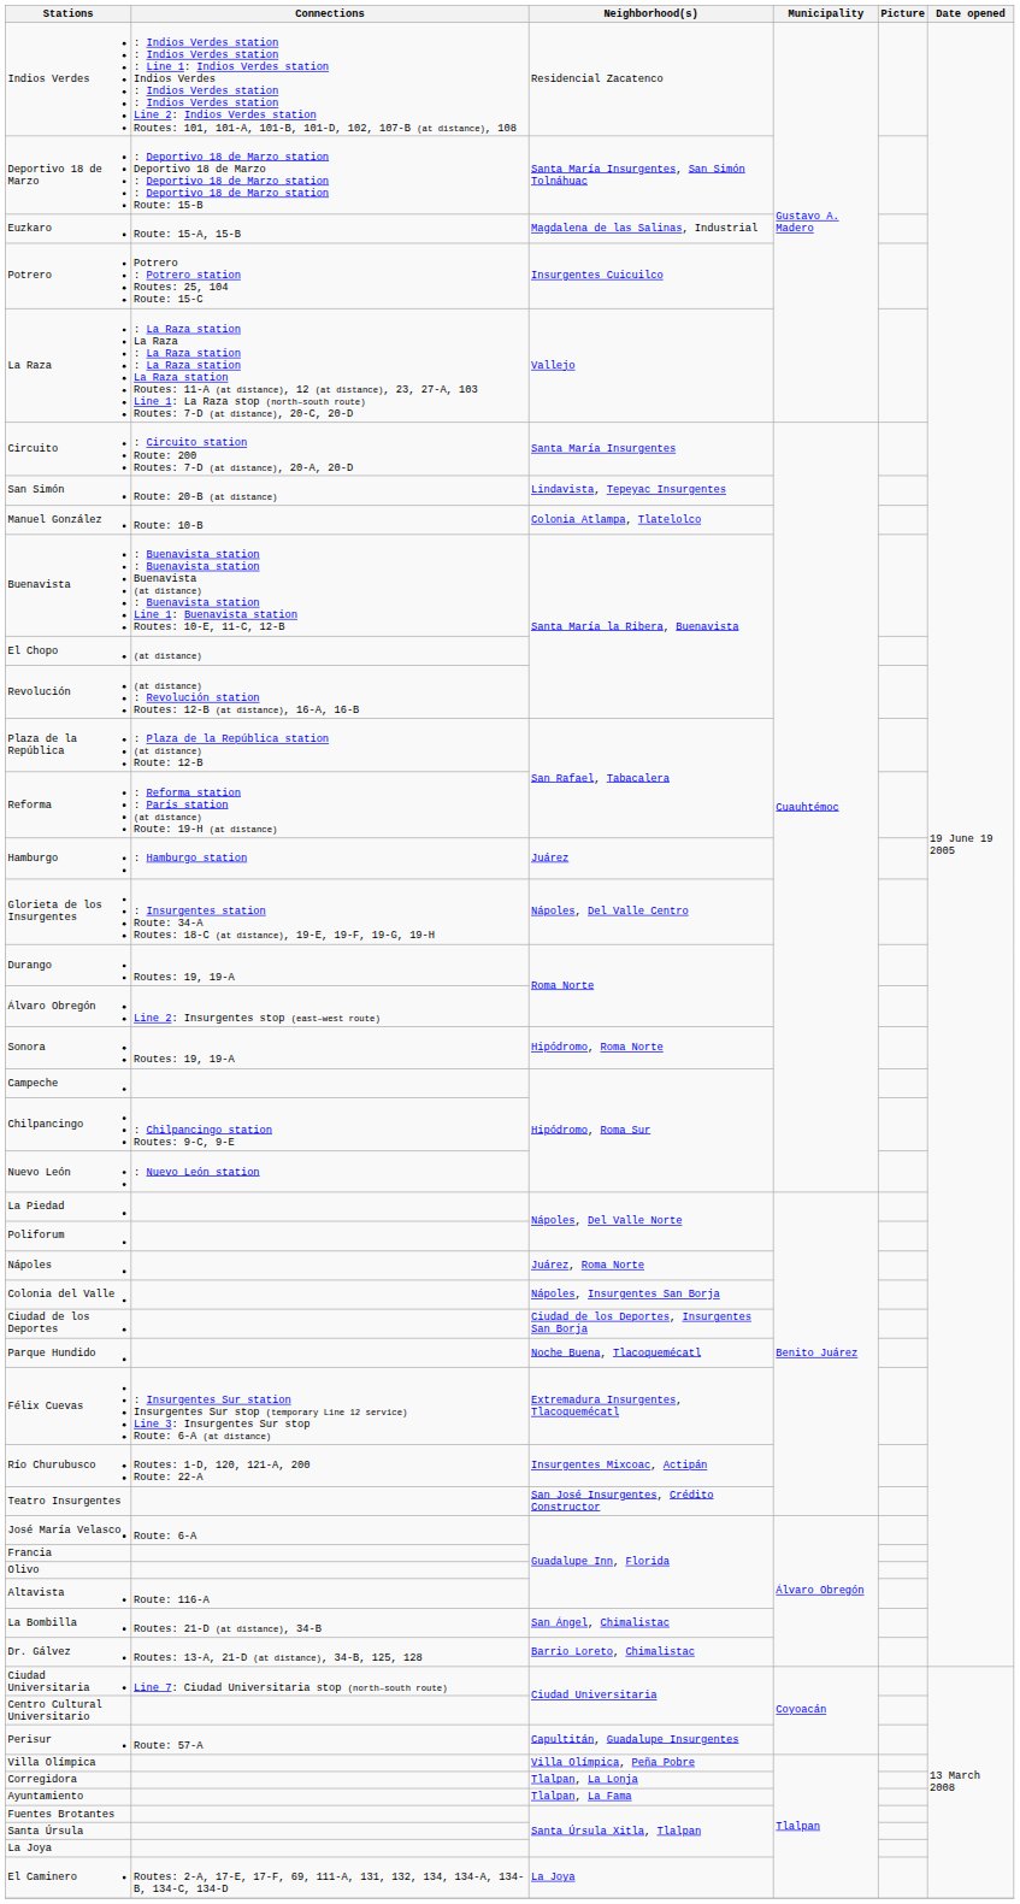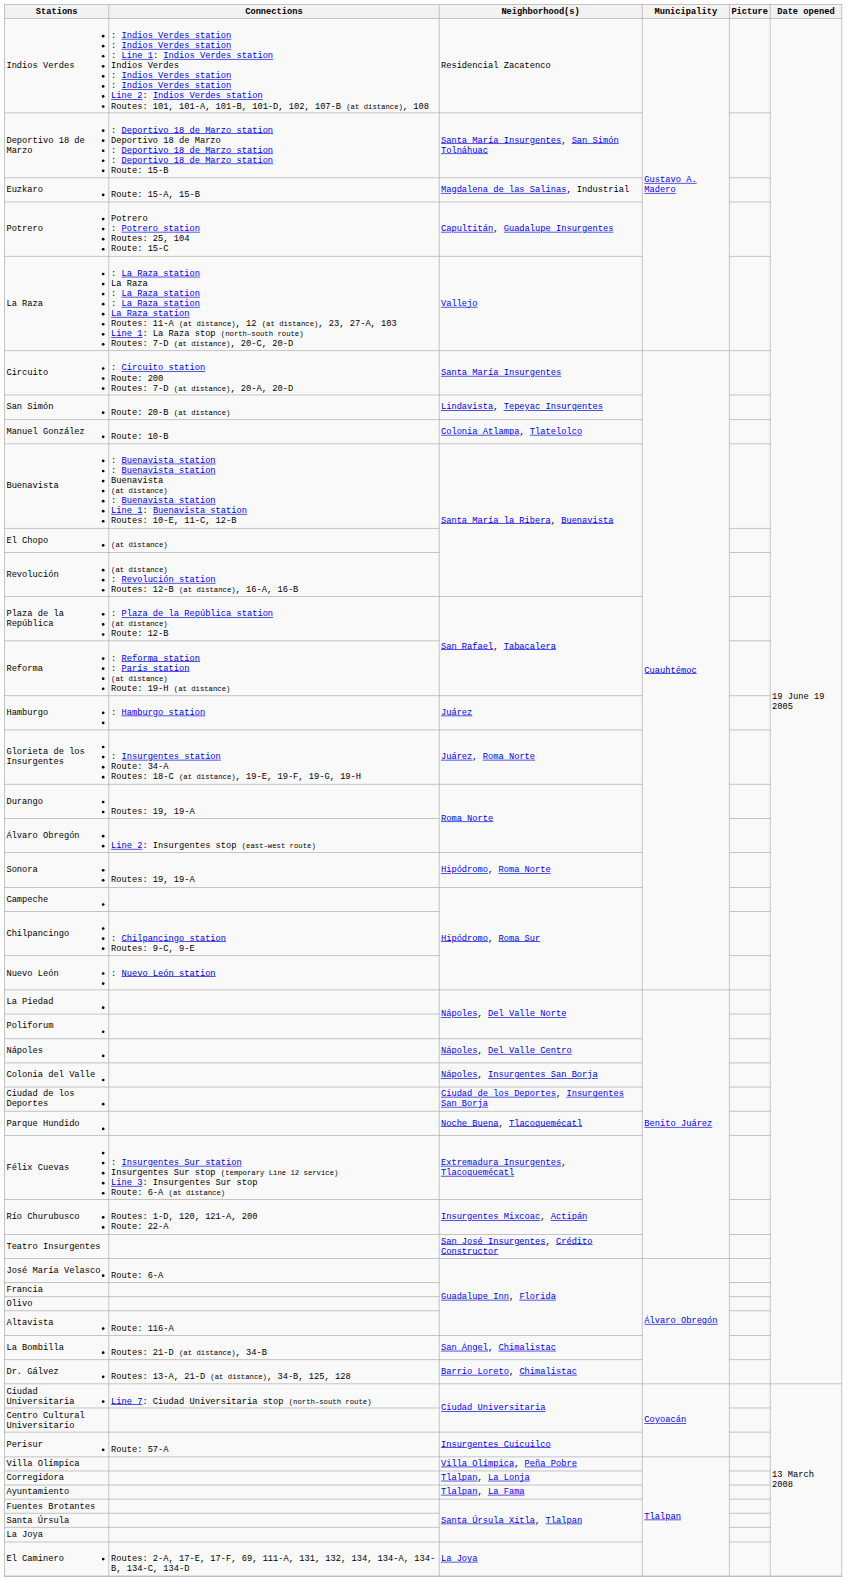 <table class="wikitable">
 <tr>
 <th width="150px">Stations</th>
 <th>Connections</th>
 <th>Neighborhood(s)</th>
 <th>Municipality</th>
 <th>Picture</th>
 <th>Date opened</th>
 </tr>
 <tr>
 <td> Indios Verdes</td>
 <td><br><li> : <a href='#'>Indios Verdes station</a></li> <li> : <a href='#'>Indios Verdes station</a></li> <li> : <a href='#'>Line 1</a>: <a href='#'>Indios Verdes station</a></li> <li> Indios Verdes</li> <li> : <a href='#'>Indios Verdes station</a></li> <li> : <a href='#'>Indios Verdes station</a></li> <li>  <a href='#'>Line 2</a>: <a href='#'>Indios Verdes station</a></li> <li> Routes: 101, 101-A, 101-B, 101-D, 102, 107-B <small>(at distance)</small>, 108</td>
 <td>Residencial Zacatenco</td>
 <td rowspan=5><a href='#'>Gustavo A. Madero</a></td>
 <td></td>
 <td rowspan=36>19 June 19 2005</td>
 </tr>
 <tr>
 <td> Deportivo 18 de Marzo</td>
 <td><br><li> : <a href='#'>Deportivo 18 de Marzo station</a></li> <li> Deportivo 18 de Marzo</li> <li> : <a href='#'>Deportivo 18 de Marzo station</a></li> <li> : <a href='#'>Deportivo 18 de Marzo station</a></li> <li> Route: 15-B</td>
 <td><a href='#'>Santa María Insurgentes</a>, <a href='#'>San Simón Tolnáhuac</a></td>
 <td></td>
 </tr>
 <tr>
 <td> Euzkaro</td>
 <td><br><li> Route: 15-A, 15-B</td>
 <td><a href='#'>Magdalena de las Salinas</a>, Industrial</td>
 <td></td>
 </tr>
 <tr>
 <td> Potrero</td>
 <td><br><li> Potrero</li> <li> : <a href='#'>Potrero station</a></li> <li> Routes: 25, 104</li> <li> Route: 15-C</td>
-<td><a href='#'>Insurgentes Cuicuilco</a></td>
+<td><a href='#'>Capultitán</a>, <a href='#'>Guadalupe Insurgentes</a></td>
 <td></td>
 </tr>
 <tr>
 <td> La Raza</td>
 <td><br><li> : <a href='#'>La Raza station</a></li> <li> La Raza</li> <li> : <a href='#'>La Raza station</a></li> <li> : <a href='#'>La Raza station</a></li> <li>  <a href='#'>La Raza station</a></li> <li> Routes: 11-A <small>(at distance)</small>, 12 <small>(at distance)</small>, 23, 27-A, 103</li> <li> <a href='#'>Line 1</a>: La Raza stop <small>(north–south route)</small></li> <li> Routes: 7-D <small>(at distance)</small>, 20-C, 20-D</td>
 <td><a href='#'>Vallejo</a></td>
 <td></td>
 </tr>
 <tr>
 <td> Circuito</td>
 <td><br><li> : <a href='#'>Circuito station</a></li> <li> Route: 200</li> <li> Routes: 7-D <small>(at distance)</small>, 20-A, 20-D</td>
 <td><a href='#'>Santa María Insurgentes</a></td>
 <td rowspan=16><a href='#'>Cuauhtémoc</a></td>
 <td></td>
 </tr>
 <tr>
 <td> San Simón</td>
 <td><br><li> Route: 20-B <small>(at distance)</small></td>
 <td><a href='#'>Lindavista</a>, <a href='#'>Tepeyac Insurgentes</a></td>
 <td></td>
 </tr>
 <tr>
 <td> Manuel González</td>
 <td><br><li> Route: 10-B</td>
 <td><a href='#'>Colonia Atlampa</a>, <a href='#'>Tlatelolco</a></td>
 <td></td>
 </tr>
 <tr>
 <td> Buenavista</td>
 <td><br><li> : <a href='#'>Buenavista station</a></li> <li> : <a href='#'>Buenavista station</a></li> <li> Buenavista</li> <li> <small>(at distance)</small></li> <li> : <a href='#'>Buenavista station</a></li> <li> <a href='#'>Line 1</a>: <a href='#'>Buenavista station</a></li> <li> Routes: 10-E, 11-C, 12-B</td>
 <td rowspan=3><a href='#'>Santa María la Ribera</a>, <a href='#'>Buenavista</a></td>
 <td></td>
 </tr>
 <tr>
 <td> El Chopo</td>
 <td><br><li> <small>(at distance)</small></td>
 <td></td>
 </tr>
 <tr>
 <td> Revolución</td>
 <td><br><li> <small>(at distance)</small></li> <li> : <a href='#'>Revolución station</a></li> <li> Routes: 12-B <small>(at distance)</small>, 16-A, 16-B</td>
 <td></td>
 </tr>
 <tr>
 <td> Plaza de la República</td>
 <td><br><li> : <a href='#'>Plaza de la República station</a></li> <li> <small>(at distance)</small></li> <li> Route: 12-B</td>
 <td rowspan=2><a href='#'>San Rafael</a>, <a href='#'>Tabacalera</a></td>
 <td></td>
 </tr>
 <tr>
 <td> Reforma</td>
 <td><br><li> : <a href='#'>Reforma station</a></li> <li> : <a href='#'>París station</a></li> <li> <small>(at distance)</small></li> <li> Route: 19-H <small>(at distance)</small></td>
 <td></td>
 </tr>
 <tr>
 <td> Hamburgo</td>
 <td><br><li> :  <a href='#'>Hamburgo station</a></li> <li></td>
 <td><a href='#'>Juárez</a></td>
 <td></td>
 </tr>
 <tr>
 <td> Glorieta de los Insurgentes</td>
 <td><br><li></li> <li> : <a href='#'>Insurgentes station</a></li> <li> Route: 34-A</li> <li> Routes: 18-C <small>(at distance)</small>, 19-E, 19-F, 19-G, 19-H</td>
-<td><a href='#'>Nápoles</a>, <a href='#'>Del Valle Centro</a></td>
+<td><a href='#'>Juárez</a>, <a href='#'>Roma Norte</a></td>
 <td></td>
 </tr>
 <tr>
 <td> Durango</td>
 <td><br><li></li> <li> Routes: 19, 19-A</td>
 <td rowspan=2><a href='#'>Roma Norte</a></td>
 <td></td>
 </tr>
 <tr>
 <td> Álvaro Obregón</td>
 <td><br><li></li> <li> <a href='#'>Line 2</a>: Insurgentes stop <small>(east–west route)</small></td>
 <td></td>
 </tr>
 <tr>
 <td> Sonora</td>
 <td><br><li></li> <li> Routes: 19, 19-A</td>
 <td><a href='#'>Hipódromo</a>, <a href='#'>Roma Norte</a></td>
 <td></td>
 </tr>
 <tr>
 <td> Campeche</td>
 <td><br><li></td>
 <td rowspan=3><a href='#'>Hipódromo</a>, <a href='#'>Roma Sur</a></td>
 <td></td>
 </tr>
 <tr>
 <td> Chilpancingo</td>
 <td><br><li></li> <li> : <a href='#'>Chilpancingo station</a></li> <li> Routes: 9-C, 9-E</td>
 <td></td>
 </tr>
 <tr>
 <td> Nuevo León</td>
 <td><br><li> : <a href='#'>Nuevo León station</a></li> <li></td>
 <td></td>
 </tr>
 <tr>
 <td> La Piedad</td>
 <td><br><li></td>
 <td rowspan=2><a href='#'>Nápoles</a>, <a href='#'>Del Valle Norte</a></td>
 <td rowspan=9><a href='#'>Benito Juárez</a></td>
 <td></td>
 </tr>
 <tr>
 <td> Poliforum</td>
 <td><br><li></td>
 <td></td>
 </tr>
 <tr>
 <td> Nápoles</td>
 <td><br><li></td>
-<td><a href='#'>Juárez</a>, <a href='#'>Roma Norte</a></td>
+<td><a href='#'>Nápoles</a>, <a href='#'>Del Valle Centro</a></td>
 <td></td>
 </tr>
 <tr>
 <td> Colonia del Valle</td>
 <td><br><li></td>
 <td><a href='#'>Nápoles</a>, <a href='#'>Insurgentes San Borja</a></td>
 <td></td>
 </tr>
 <tr>
 <td> Ciudad de los Deportes</td>
 <td><br><li></td>
 <td><a href='#'>Ciudad de los Deportes</a>, <a href='#'>Insurgentes San Borja</a></td>
 <td></td>
 </tr>
 <tr>
 <td> Parque Hundido</td>
 <td><br><li></td>
 <td><a href='#'>Noche Buena</a>, <a href='#'>Tlacoquemécatl</a></td>
 <td></td>
 </tr>
 <tr>
 <td> Félix Cuevas</td>
 <td><br><li></li> <li> : <a href='#'>Insurgentes Sur station</a></li> <li> Insurgentes Sur stop <small>(temporary Line 12 service)</small></li> <li> <a href='#'>Line 3</a>: Insurgentes Sur stop</li> <li> Route: 6-A <small>(at distance)</small></td>
 <td><a href='#'>Extremadura Insurgentes</a>, <a href='#'>Tlacoquemécatl</a></td>
 <td></td>
 </tr>
 <tr>
 <td> Río Churubusco</td>
 <td><br><li> Routes: 1-D, 120, 121-A, 200</li> <li> Route: 22-A</td>
 <td><a href='#'>Insurgentes Mixcoac</a>, <a href='#'>Actipán</a></td>
 <td></td>
 </tr>
 <tr>
 <td> Teatro Insurgentes</td>
 <td></td>
 <td><a href='#'>San José Insurgentes</a>, <a href='#'>Crédito Constructor</a></td>
 <td></td>
 </tr>
 <tr>
 <td> José María Velasco</td>
 <td><br><li> Route: 6-A</td>
 <td rowspan=4><a href='#'>Guadalupe Inn</a>, <a href='#'>Florida</a></td>
 <td rowspan=6><a href='#'>Álvaro Obregón</a></td>
 <td></td>
 </tr>
 <tr>
 <td> Francia</td>
 <td></td>
 <td></td>
 </tr>
 <tr>
 <td> Olivo</td>
 <td></td>
 <td></td>
 </tr>
 <tr>
 <td> Altavista</td>
 <td><br><li> Route: 116-A</td>
 <td></td>
 </tr>
 <tr>
 <td> La Bombilla</td>
 <td><br><li> Routes: 21-D <small>(at distance)</small>, 34-B</td>
 <td><a href='#'>San Ángel</a>, <a href='#'>Chimalistac</a></td>
 <td></td>
 </tr>
 <tr>
 <td> Dr. Gálvez</td>
 <td><br><li> Routes: 13-A, 21-D <small>(at distance)</small>, 34-B, 125, 128</td>
 <td><a href='#'>Barrio Loreto</a>, <a href='#'>Chimalistac</a></td>
 <td></td>
 </tr>
 <tr>
 <td> Ciudad Universitaria</td>
 <td><br><li> <a href='#'>Line 7</a>: Ciudad Universitaria stop <small>(north–south route)</small></td>
 <td rowspan=2><a href='#'>Ciudad Universitaria</a></td>
 <td rowspan=3><a href='#'>Coyoacán</a></td>
 <td></td>
 <td rowspan=10>13 March 2008</td>
 </tr>
 <tr>
 <td> Centro Cultural Universitario</td>
 <td></td>
 <td></td>
 </tr>
 <tr>
 <td> Perisur</td>
 <td><br><li> Route: 57-A</td>
-<td><a href='#'>Capultitán</a>, <a href='#'>Guadalupe Insurgentes</a></td>
+<td><a href='#'>Insurgentes Cuicuilco</a></td>
 <td></td>
 </tr>
 <tr>
 <td> Villa Olímpica</td>
 <td></td>
 <td><a href='#'>Villa Olímpica</a>, <a href='#'>Peña Pobre</a></td>
 <td rowspan=7><a href='#'>Tlalpan</a></td>
 <td></td>
 </tr>
 <tr>
 <td> Corregidora</td>
 <td></td>
 <td><a href='#'>Tlalpan</a>, <a href='#'>La Lonja</a></td>
 <td></td>
 </tr>
 <tr>
 <td> Ayuntamiento</td>
 <td></td>
 <td><a href='#'>Tlalpan</a>, <a href='#'>La Fama</a></td>
 <td></td>
 </tr>
 <tr>
 <td> Fuentes Brotantes</td>
 <td></td>
 <td rowspan=3><a href='#'>Santa Úrsula Xitla</a>, <a href='#'>Tlalpan</a></td>
 <td></td>
 </tr>
 <tr>
 <td> Santa Úrsula</td>
 <td></td>
 <td></td>
 </tr>
 <tr>
 <td> La Joya</td>
 <td></td>
 <td></td>
 </tr>
 <tr>
 <td> El Caminero</td>
 <td><br><li> Routes: 2-A, 17-E, 17-F, 69, 111-A, 131, 132, 134, 134-A, 134-B, 134-C, 134-D</td>
 <td><a href='#'>La Joya</a></td>
 <td></td>
 </tr>
 <tr>
 </tr>
 </table>
